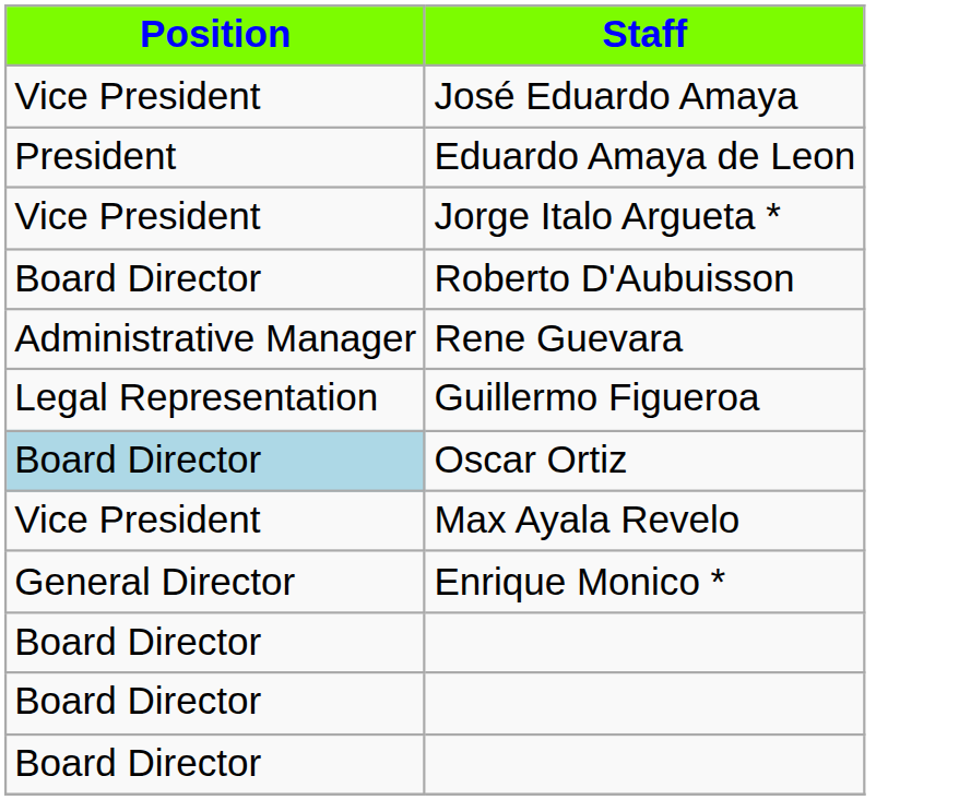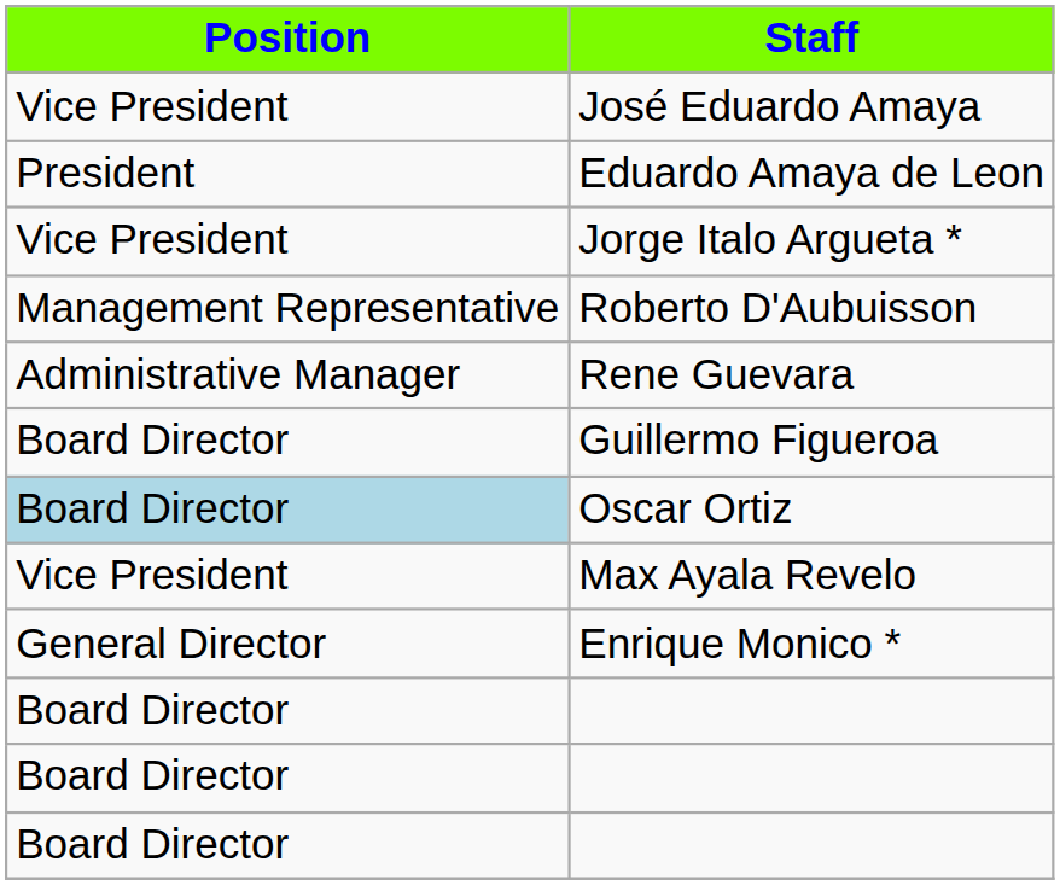 <table class="wikitable">
 <tr>
 <th style="color:Blue; background:#7CFC00;">Position</th>
 <th style="color:Blue; background:#7CFC00;">Staff</th>
 </tr>
 <tr>
 <td>Vice President</td>
 <td> José Eduardo Amaya</td>
 </tr>
 <tr>
 <td>President</td>
 <td> Eduardo Amaya de Leon</td>
 </tr>
 <tr>
 <td>Vice President</td>
 <td> Jorge Italo Argueta *</td>
 </tr>
 <tr>
-<td>Board Director</td>
+<td>Management Representative</td>
 <td>  Roberto D'Aubuisson</td>
 </tr>
 <tr>
 <td>Administrative Manager</td>
 <td> Rene Guevara</td>
 </tr>
 <tr>
-<td>Legal Representation</td>
+<td>Board Director</td>
 <td> Guillermo Figueroa</td>
 </tr>
 <tr>
 <td style="background: lightblue;">Board Director</td>
 <td> Oscar Ortiz</td>
 </tr>
 <tr>
 <td>Vice President</td>
 <td> Max Ayala Revelo</td>
 </tr>
 <tr>
 <td>General Director</td>
 <td> Enrique Monico *</td>
 </tr>
 <tr>
 <td>Board Director</td>
 <td></td>
 </tr>
 <tr>
 <td>Board Director</td>
 <td></td>
 </tr>
 <tr>
 <td>Board Director</td>
 <td></td>
 </tr>
 <tr>
 </tr>
 </table>
